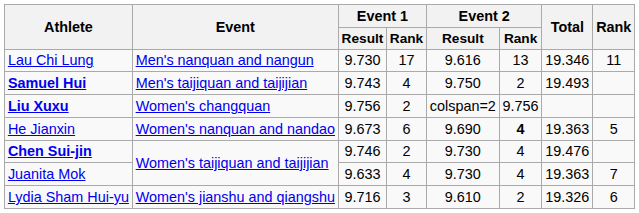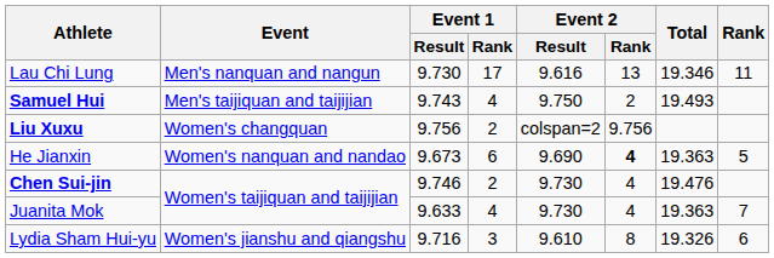 <table class=wikitable style=font-size:90%;text-align:center>
 <tr>
 <th rowspan="2">Athlete</th>
 <th rowspan="2">Event</th>
 <th colspan="2">Event 1</th>
 <th colspan="2">Event 2</th>
 <th rowspan="2">Total</th>
 <th rowspan="2">Rank</th>
 </tr>
 <tr style="font-size:95%">
 <th>Result</th>
 <th>Rank</th>
 <th>Result</th>
 <th>Rank</th>
 </tr>
 <tr>
 <td align=left><a href='#'>Lau Chi Lung</a></td>
 <td align=left><a href='#'>Men's nanquan and nangun</a></td>
 <td>9.730</td>
 <td>17</td>
 <td>9.616</td>
 <td>13</td>
 <td>19.346</td>
 <td>11</td>
 </tr>
 <tr>
 <td align=left><strong><a href='#'>Samuel Hui</a></strong></td>
 <td align=left><a href='#'>Men's taijiquan and taijijian</a></td>
 <td>9.743</td>
 <td>4</td>
 <td>9.750</td>
 <td>2</td>
 <td>19.493</td>
 <td></td>
 </tr>
 <tr>
 <td align=left><strong><a href='#'>Liu Xuxu</a></strong></td>
 <td align=left><a href='#'>Women's changquan</a></td>
 <td>9.756</td>
 <td>2</td>
 <td>colspan=2 </td>
 <td>9.756</td>
 <td></td>
 </tr>
 <tr>
 <td align=left><a href='#'>He Jianxin</a></td>
 <td align=left><a href='#'>Women's nanquan and nandao</a></td>
 <td>9.673</td>
 <td>6</td>
 <td>9.690</td>
 <td><strong>4</strong></td>
 <td>19.363</td>
 <td>5</td>
 </tr>
 <tr>
 <td align=left><strong><a href='#'>Chen Sui-jin</a></strong></td>
 <td align=left rowspan=2><a href='#'>Women's taijiquan and taijijian</a></td>
 <td>9.746</td>
 <td>2</td>
 <td>9.730</td>
 <td>4</td>
 <td>19.476</td>
 <td></td>
 </tr>
 <tr>
 <td align=left><a href='#'>Juanita Mok</a></td>
 <td>9.633</td>
 <td>4</td>
 <td>9.730</td>
 <td>4</td>
 <td>19.363</td>
 <td>7</td>
 </tr>
 <tr>
 <td align=left><a href='#'>Lydia Sham Hui-yu</a></td>
 <td align=left><a href='#'>Women's jianshu and qiangshu</a></td>
 <td>9.716</td>
 <td>3</td>
 <td>9.610</td>
-<td>2</td>
+<td>8</td>
 <td>19.326</td>
 <td>6</td>
 </tr>
 </table>
